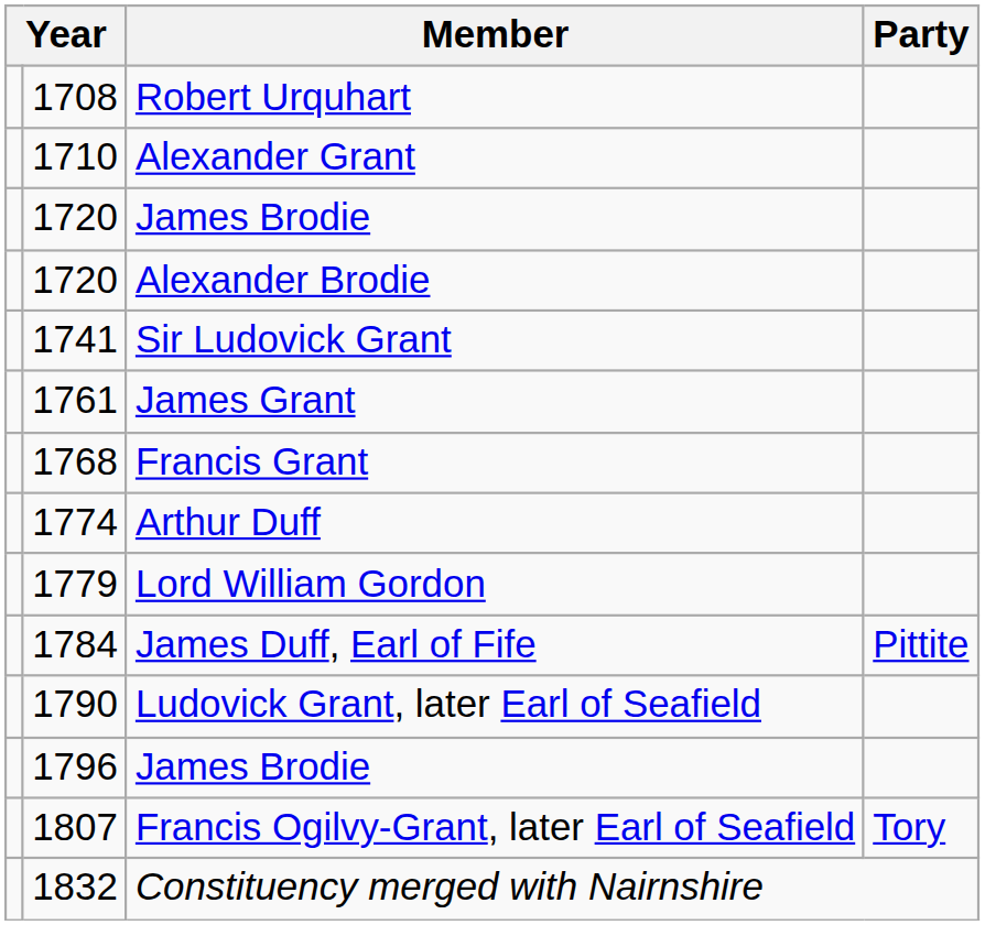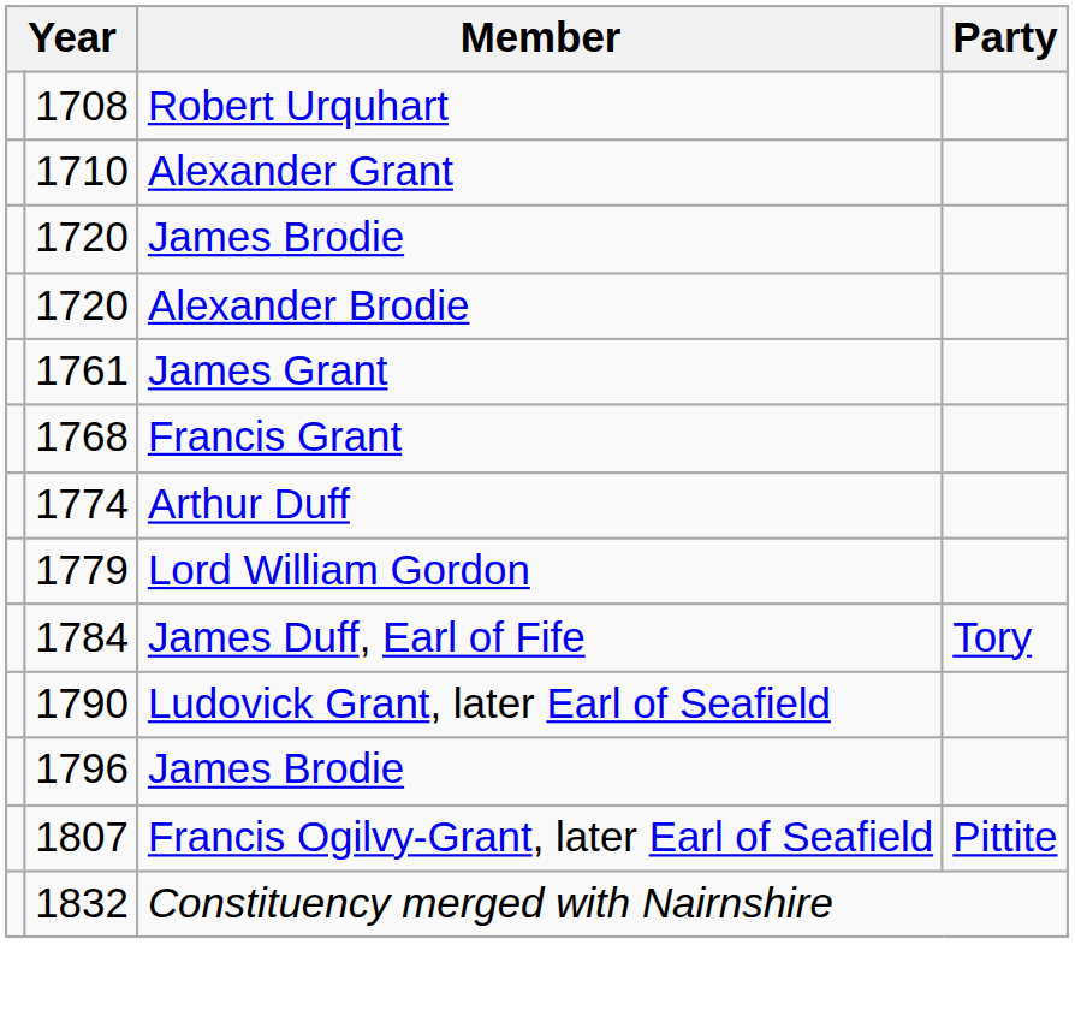 <table class="wikitable">
 <tr>
 <th colspan="2">Year</th>
 <th>Member</th>
 <th>Party</th>
 </tr>
 <tr>
 <td></td>
 <td>1708</td>
 <td><a href='#'>Robert Urquhart</a></td>
 <td></td>
 </tr>
 <tr>
 <td></td>
 <td>1710</td>
 <td><a href='#'>Alexander Grant</a></td>
 <td></td>
 </tr>
 <tr>
 <td></td>
 <td>1720</td>
 <td><a href='#'>James Brodie</a></td>
 <td></td>
 </tr>
 <tr>
 <td></td>
 <td>1720</td>
 <td><a href='#'>Alexander Brodie</a></td>
 <td></td>
 </tr>
 <tr>
 <td></td>
-<td>1741</td>
-<td><a href='#'>Sir Ludovick Grant</a></td>
-<td></td>
-</tr>
-<tr>
-<td></td>
 <td>1761</td>
 <td><a href='#'>James Grant</a></td>
 <td></td>
 </tr>
 <tr>
 <td></td>
 <td>1768</td>
 <td><a href='#'>Francis Grant</a></td>
 <td></td>
 </tr>
 <tr>
 <td></td>
 <td>1774</td>
 <td><a href='#'>Arthur Duff</a></td>
 <td></td>
 </tr>
 <tr>
 <td></td>
 <td>1779</td>
 <td><a href='#'>Lord William Gordon</a></td>
 <td></td>
 </tr>
 <tr>
 <td style="color:inherit;background-color: "></td>
 <td>1784</td>
 <td><a href='#'>James Duff</a>,  <a href='#'>Earl of Fife</a></td>
-<td><a href='#'>Pittite</a></td>
+<td><a href='#'>Tory</a></td>
 </tr>
 <tr>
 <td></td>
 <td>1790</td>
 <td><a href='#'>Ludovick Grant</a>, later <a href='#'>Earl of Seafield</a></td>
 <td></td>
 </tr>
 <tr>
 <td></td>
 <td>1796</td>
 <td><a href='#'>James Brodie</a></td>
 <td></td>
 </tr>
 <tr>
 <td style="color:inherit;background-color: "></td>
 <td>1807</td>
 <td><a href='#'>Francis Ogilvy-Grant</a>, later  <a href='#'>Earl of Seafield</a></td>
-<td><a href='#'>Tory</a></td>
+<td><a href='#'>Pittite</a></td>
 </tr>
 <tr>
 <td></td>
 <td>1832</td>
 <td colspan= "2"><em>Constituency merged with Nairnshire</em></td>
 </tr>
 </table>
